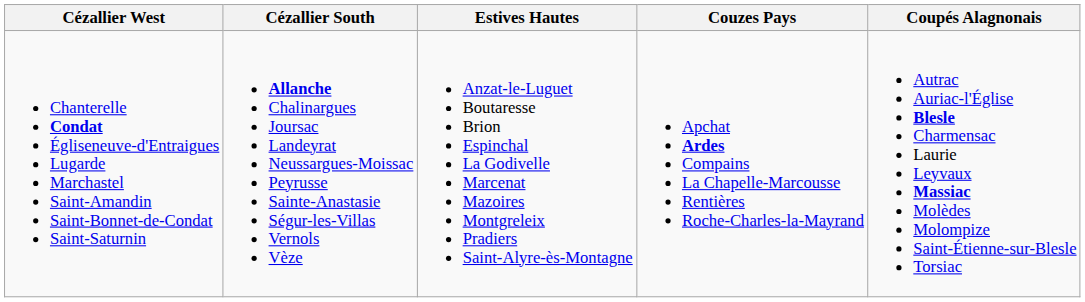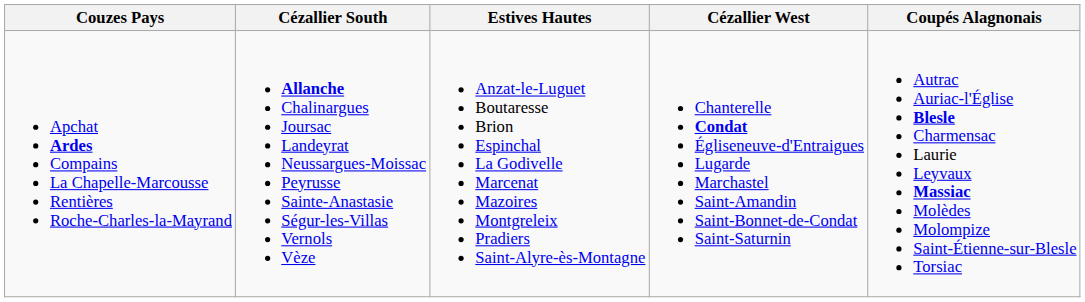 <table class="wikitable">
 <tr>
-<th><strong>Cézallier West</strong></th>
+<th><strong>Couzes Pays</strong></th>
 <th><strong>Cézallier South</strong></th>
 <th><strong>Estives Hautes</strong></th>
-<th><strong>Couzes Pays</strong></th>
+<th><strong>Cézallier West</strong></th>
 <th><strong>Coupés Alagnonais</strong></th>
 </tr>
 <tr>
-<td><br><ul><li><a href='#'>Chanterelle</a></li><li><strong><a href='#'>Condat</a></strong></li><li><a href='#'>Égliseneuve-d'Entraigues</a></li><li><a href='#'>Lugarde</a></li><li><a href='#'>Marchastel</a></li><li><a href='#'>Saint-Amandin</a></li><li><a href='#'>Saint-Bonnet-de-Condat</a></li><li><a href='#'>Saint-Saturnin</a></li></ul></td>
+<td><br><ul><li><a href='#'>Apchat</a></li><li><strong><a href='#'>Ardes</a></strong></li><li><a href='#'>Compains</a></li><li><a href='#'>La Chapelle-Marcousse</a></li><li><a href='#'>Rentières</a></li><li><a href='#'>Roche-Charles-la-Mayrand</a></li></ul></td>
 <td><br><ul><li><strong><a href='#'>Allanche</a></strong></li><li><a href='#'>Chalinargues</a></li><li><a href='#'>Joursac</a></li><li><a href='#'>Landeyrat</a></li><li><a href='#'>Neussargues-Moissac</a></li><li><a href='#'>Peyrusse</a></li><li><a href='#'>Sainte-Anastasie</a></li><li><a href='#'>Ségur-les-Villas</a></li><li><a href='#'>Vernols</a></li><li><a href='#'>Vèze</a></li></ul></td>
 <td><br><ul><li><a href='#'>Anzat-le-Luguet</a></li><li>Boutaresse</li><li>Brion</li><li><a href='#'>Espinchal</a></li><li><a href='#'>La Godivelle</a></li><li><a href='#'>Marcenat</a></li><li><a href='#'>Mazoires</a></li><li><a href='#'>Montgreleix</a></li><li><a href='#'>Pradiers</a></li><li><a href='#'>Saint-Alyre-ès-Montagne</a></li></ul></td>
-<td><br><ul><li><a href='#'>Apchat</a></li><li><strong><a href='#'>Ardes</a></strong></li><li><a href='#'>Compains</a></li><li><a href='#'>La Chapelle-Marcousse</a></li><li><a href='#'>Rentières</a></li><li><a href='#'>Roche-Charles-la-Mayrand</a></li></ul></td>
+<td><br><ul><li><a href='#'>Chanterelle</a></li><li><strong><a href='#'>Condat</a></strong></li><li><a href='#'>Égliseneuve-d'Entraigues</a></li><li><a href='#'>Lugarde</a></li><li><a href='#'>Marchastel</a></li><li><a href='#'>Saint-Amandin</a></li><li><a href='#'>Saint-Bonnet-de-Condat</a></li><li><a href='#'>Saint-Saturnin</a></li></ul></td>
 <td><br><ul><li><a href='#'>Autrac</a></li><li><a href='#'>Auriac-l'Église</a></li><li><strong><a href='#'>Blesle</a></strong></li><li><a href='#'>Charmensac</a></li><li>Laurie</li><li><a href='#'>Leyvaux</a></li><li><strong><a href='#'>Massiac</a></strong></li><li><a href='#'>Molèdes</a></li><li><a href='#'>Molompize</a></li><li><a href='#'>Saint-Étienne-sur-Blesle</a></li><li><a href='#'>Torsiac</a></li></ul></td>
 </tr>
 </table>
